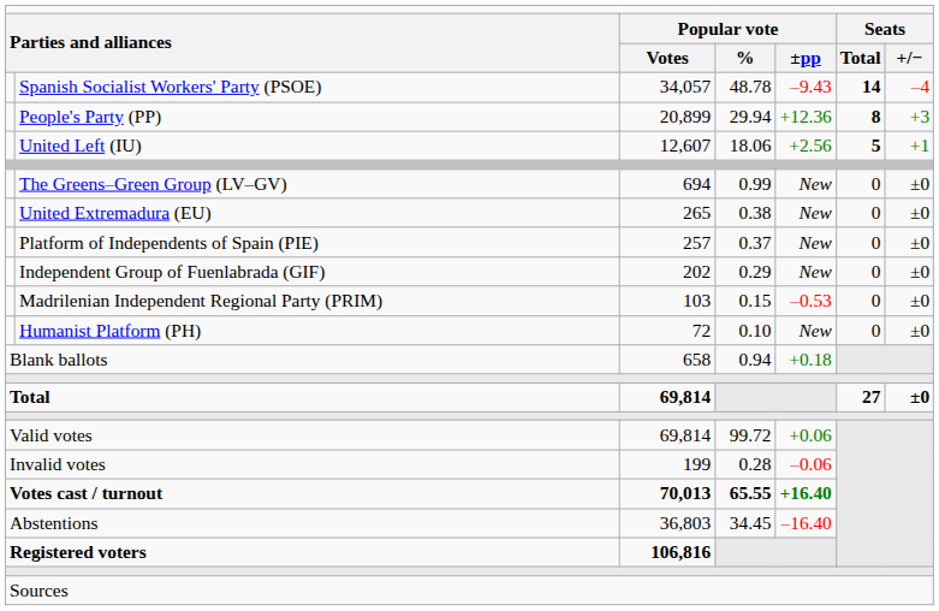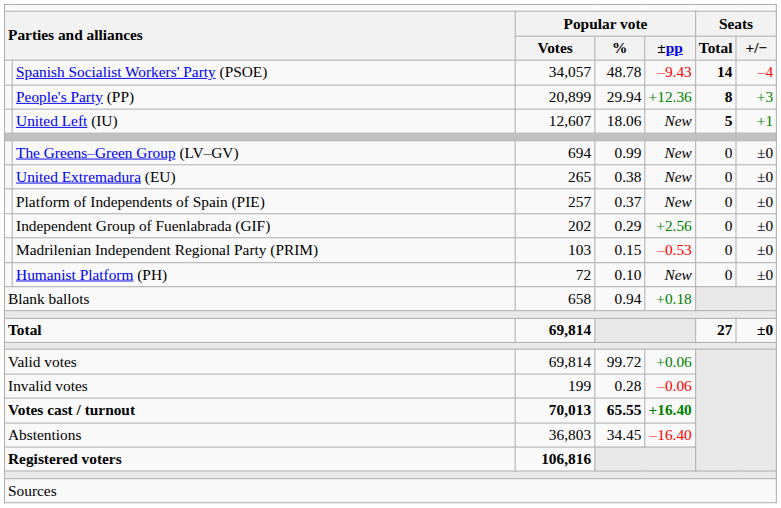 <table class="wikitable" style="text-align:right;">
 <tr>
 <td colspan="7"></td>
 </tr>
 <tr>
 <th style="text-align:left;" rowspan="2" colspan="2" width="525">Parties and alliances</th>
 <th colspan="3">Popular vote</th>
 <th colspan="2">Seats</th>
 </tr>
 <tr>
 <th width="75">Votes</th>
 <th width="45">%</th>
 <th width="45">±<a href='#'>pp</a></th>
 <th width="35">Total</th>
 <th width="35">+/−</th>
 </tr>
 <tr>
 <td width="1" style="color:inherit;background:"></td>
 <td align="left"><a href='#'>Spanish Socialist Workers' Party</a> (PSOE)</td>
 <td>34,057</td>
 <td>48.78</td>
 <td style="color:red;">–9.43</td>
 <td><strong>14</strong></td>
 <td style="color:red;">–4</td>
 </tr>
 <tr>
 <td style="color:inherit;background:"></td>
 <td align="left"><a href='#'>People's Party</a> (PP)</td>
 <td>20,899</td>
 <td>29.94</td>
 <td style="color:green;">+12.36</td>
 <td><strong>8</strong></td>
 <td style="color:green;">+3</td>
 </tr>
 <tr>
 <td style="color:inherit;background:"></td>
 <td align="left"><a href='#'>United Left</a> (IU)</td>
 <td>12,607</td>
 <td>18.06</td>
-<td style="color:green;">+2.56</td>
+<td><em>New</em></td>
 <td><strong>5</strong></td>
 <td style="color:green;">+1</td>
 </tr>
 <tr>
 <td colspan="7" bgcolor="#C0C0C0"></td>
 </tr>
 <tr>
 <td style="color:inherit;background:"></td>
 <td align="left"><a href='#'>The Greens–Green Group</a> (LV–GV)</td>
 <td>694</td>
 <td>0.99</td>
 <td><em>New</em></td>
 <td>0</td>
 <td>±0</td>
 </tr>
 <tr>
 <td style="color:inherit;background:"></td>
 <td align="left"><a href='#'>United Extremadura</a> (EU)</td>
 <td>265</td>
 <td>0.38</td>
 <td><em>New</em></td>
 <td>0</td>
 <td>±0</td>
 </tr>
 <tr>
 <td style="color:inherit;background:"></td>
 <td align="left">Platform of Independents of Spain (PIE)</td>
 <td>257</td>
 <td>0.37</td>
 <td><em>New</em></td>
 <td>0</td>
 <td>±0</td>
 </tr>
 <tr>
 <td bgcolor="white"></td>
 <td align="left">Independent Group of Fuenlabrada (GIF)</td>
 <td>202</td>
 <td>0.29</td>
-<td><em>New</em></td>
+<td style="color:green;">+2.56</td>
 <td>0</td>
 <td>±0</td>
 </tr>
 <tr>
 <td style="color:inherit;background:"></td>
 <td align="left">Madrilenian Independent Regional Party (PRIM)</td>
 <td>103</td>
 <td>0.15</td>
 <td style="color:red;">–0.53</td>
 <td>0</td>
 <td>±0</td>
 </tr>
 <tr>
 <td style="color:inherit;background:"></td>
 <td align="left"><a href='#'>Humanist Platform</a> (PH)</td>
 <td>72</td>
 <td>0.10</td>
 <td><em>New</em></td>
 <td>0</td>
 <td>±0</td>
 </tr>
 <tr>
 <td align="left" colspan="2">Blank ballots</td>
 <td>658</td>
 <td>0.94</td>
 <td style="color:green;">+0.18</td>
 <td bgcolor="#E9E9E9" colspan="2"></td>
 </tr>
 <tr>
 <td colspan="7" bgcolor="#E9E9E9"></td>
 </tr>
 <tr style="font-weight:bold;">
 <td align="left" colspan="2">Total</td>
 <td>69,814</td>
 <td bgcolor="#E9E9E9" colspan="2"></td>
 <td>27</td>
 <td>±0</td>
 </tr>
 <tr>
 <td colspan="7" bgcolor="#E9E9E9"></td>
 </tr>
 <tr>
 <td align="left" colspan="2">Valid votes</td>
 <td>69,814</td>
 <td>99.72</td>
 <td style="color:green;">+0.06</td>
 <td bgcolor="#E9E9E9" colspan="2" rowspan="5"></td>
 </tr>
 <tr>
 <td align="left" colspan="2">Invalid votes</td>
 <td>199</td>
 <td>0.28</td>
 <td style="color:red;">–0.06</td>
 </tr>
 <tr style="font-weight:bold;">
 <td align="left" colspan="2">Votes cast / turnout</td>
 <td>70,013</td>
 <td>65.55</td>
 <td style="color:green;">+16.40</td>
 </tr>
 <tr>
 <td align="left" colspan="2">Abstentions</td>
 <td>36,803</td>
 <td>34.45</td>
 <td style="color:red;">–16.40</td>
 </tr>
 <tr style="font-weight:bold;">
 <td align="left" colspan="2">Registered voters</td>
 <td>106,816</td>
 <td bgcolor="#E9E9E9" colspan="2"></td>
 </tr>
 <tr>
 <td colspan="7" bgcolor="#E9E9E9"></td>
 </tr>
 <tr>
 <td align="left" colspan="7">Sources</td>
 </tr>
 </table>
